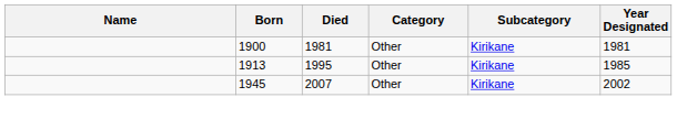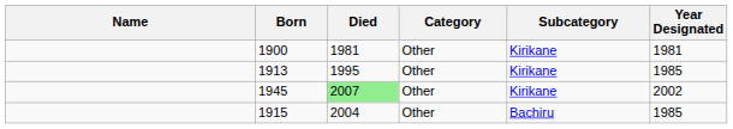 <table class="wikitable sortable"  width="100%" style="backgrōnd:#ffffff;">
 <tr>
 <th width="35%" align="left" style="backgrōnd:#ffdead;">Name</th>
 <th width="10%" align="left" style="backgrōnd:#ffdead;">Born</th>
 <th width="10%" align="left" style="backgrōnd:#ffdead;">Died</th>
 <th width="15%" align="left" style="backgrōnd:#ffdead;">Category</th>
 <th width="20%" align="left" style="backgrōnd:#ffdead;">Subcategory</th>
 <th width="10%" align="left" style="backgrōnd:#ffdead;">Year Designated</th>
 </tr>
 <tr>
 <td></td>
 <td>1900</td>
 <td>1981</td>
 <td>Other</td>
 <td><a href='#'>Kirikane</a></td>
 <td>1981</td>
 </tr>
 <tr>
 <td></td>
 <td>1913</td>
 <td>1995</td>
 <td>Other</td>
 <td><a href='#'>Kirikane</a></td>
 <td>1985</td>
 </tr>
 <tr>
 <td></td>
 <td>1945</td>
-<td>2007</td>
+<td style="background: lightgreen;">2007</td>
 <td>Other</td>
 <td><a href='#'>Kirikane</a></td>
 <td>2002</td>
 </tr>
+<tr>
+<td></td>
+<td>1915</td>
+<td>2004</td>
+<td>Other</td>
+<td><a href='#'>Bachiru</a></td>
+<td>1985</td>
+</tr>
 </table>
